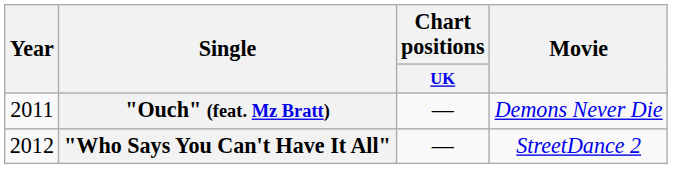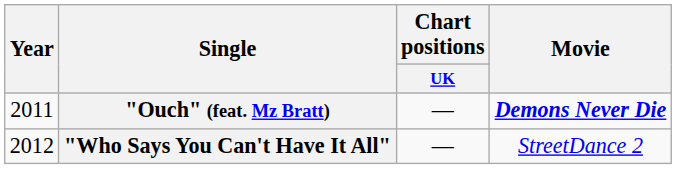 <table class="wikitable plainrowheaders" style="text-align:center;">
 <tr>
 <th scope="col" rowspan="2">Year</th>
 <th scope="col" rowspan="2">Single</th>
 <th scope="col">Chart positions</th>
 <th scope="col" rowspan="2">Movie</th>
 </tr>
 <tr>
 <th scope="col" style="width:3em;font-size:75%;"><a href='#'>UK</a><br></th>
 </tr>
 <tr>
 <td>2011</td>
 <th scope="row">"Ouch" <small>(feat. <a href='#'>Mz Bratt</a>)</small></th>
 <td>—</td>
-<td><em><a href='#'>Demons Never Die</a></em></td>
+<td><strong><em><a href='#'>Demons Never Die</a></em></strong></td>
 </tr>
 <tr>
 <td>2012</td>
 <th scope="row">"Who Says You Can't Have It All"</th>
 <td>—</td>
 <td><em><a href='#'>StreetDance 2</a></em></td>
 </tr>
 </table>
